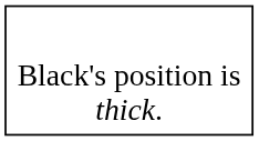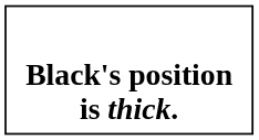 <table style="margin:1em;border: solid thin;width: 130px;float: right;">
 <tr>
 <td style="padding: 2px;"><br></td>
 </tr>
 <tr>
-<td style="text-align:center">Black's position is <em>thick</em>.</td>
+<td style="text-align:center"><strong>Black's position is <em>thick</em>.</strong></td>
 </tr>
 </table>
